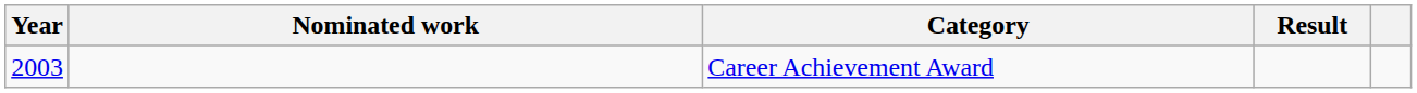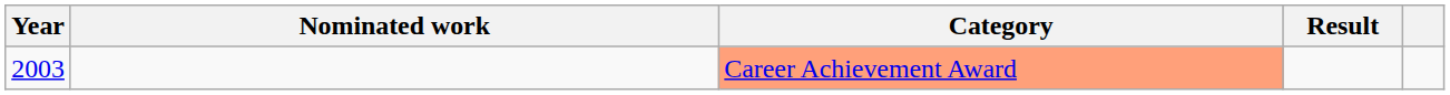 <table class="wikitable sortable">
 <tr>
 <th scope="col" style="width:1em;">Year</th>
 <th scope="col" style="width:39em;">Nominated work</th>
 <th scope="col" style="width:33em;">Category</th>
 <th scope="col" style="width:5em;">Result</th>
 <th scope="col" style="width:2em;" class="unsortable"></th>
 </tr>
 <tr>
 <td><a href='#'>2003</a></td>
 <td></td>
-<td><a href='#'>Career Achievement Award</a></td>
+<td style="background: lightsalmon;"><a href='#'>Career Achievement Award</a></td>
 <td></td>
 <td style="text-align:center;"></td>
 </tr>
 </table>
